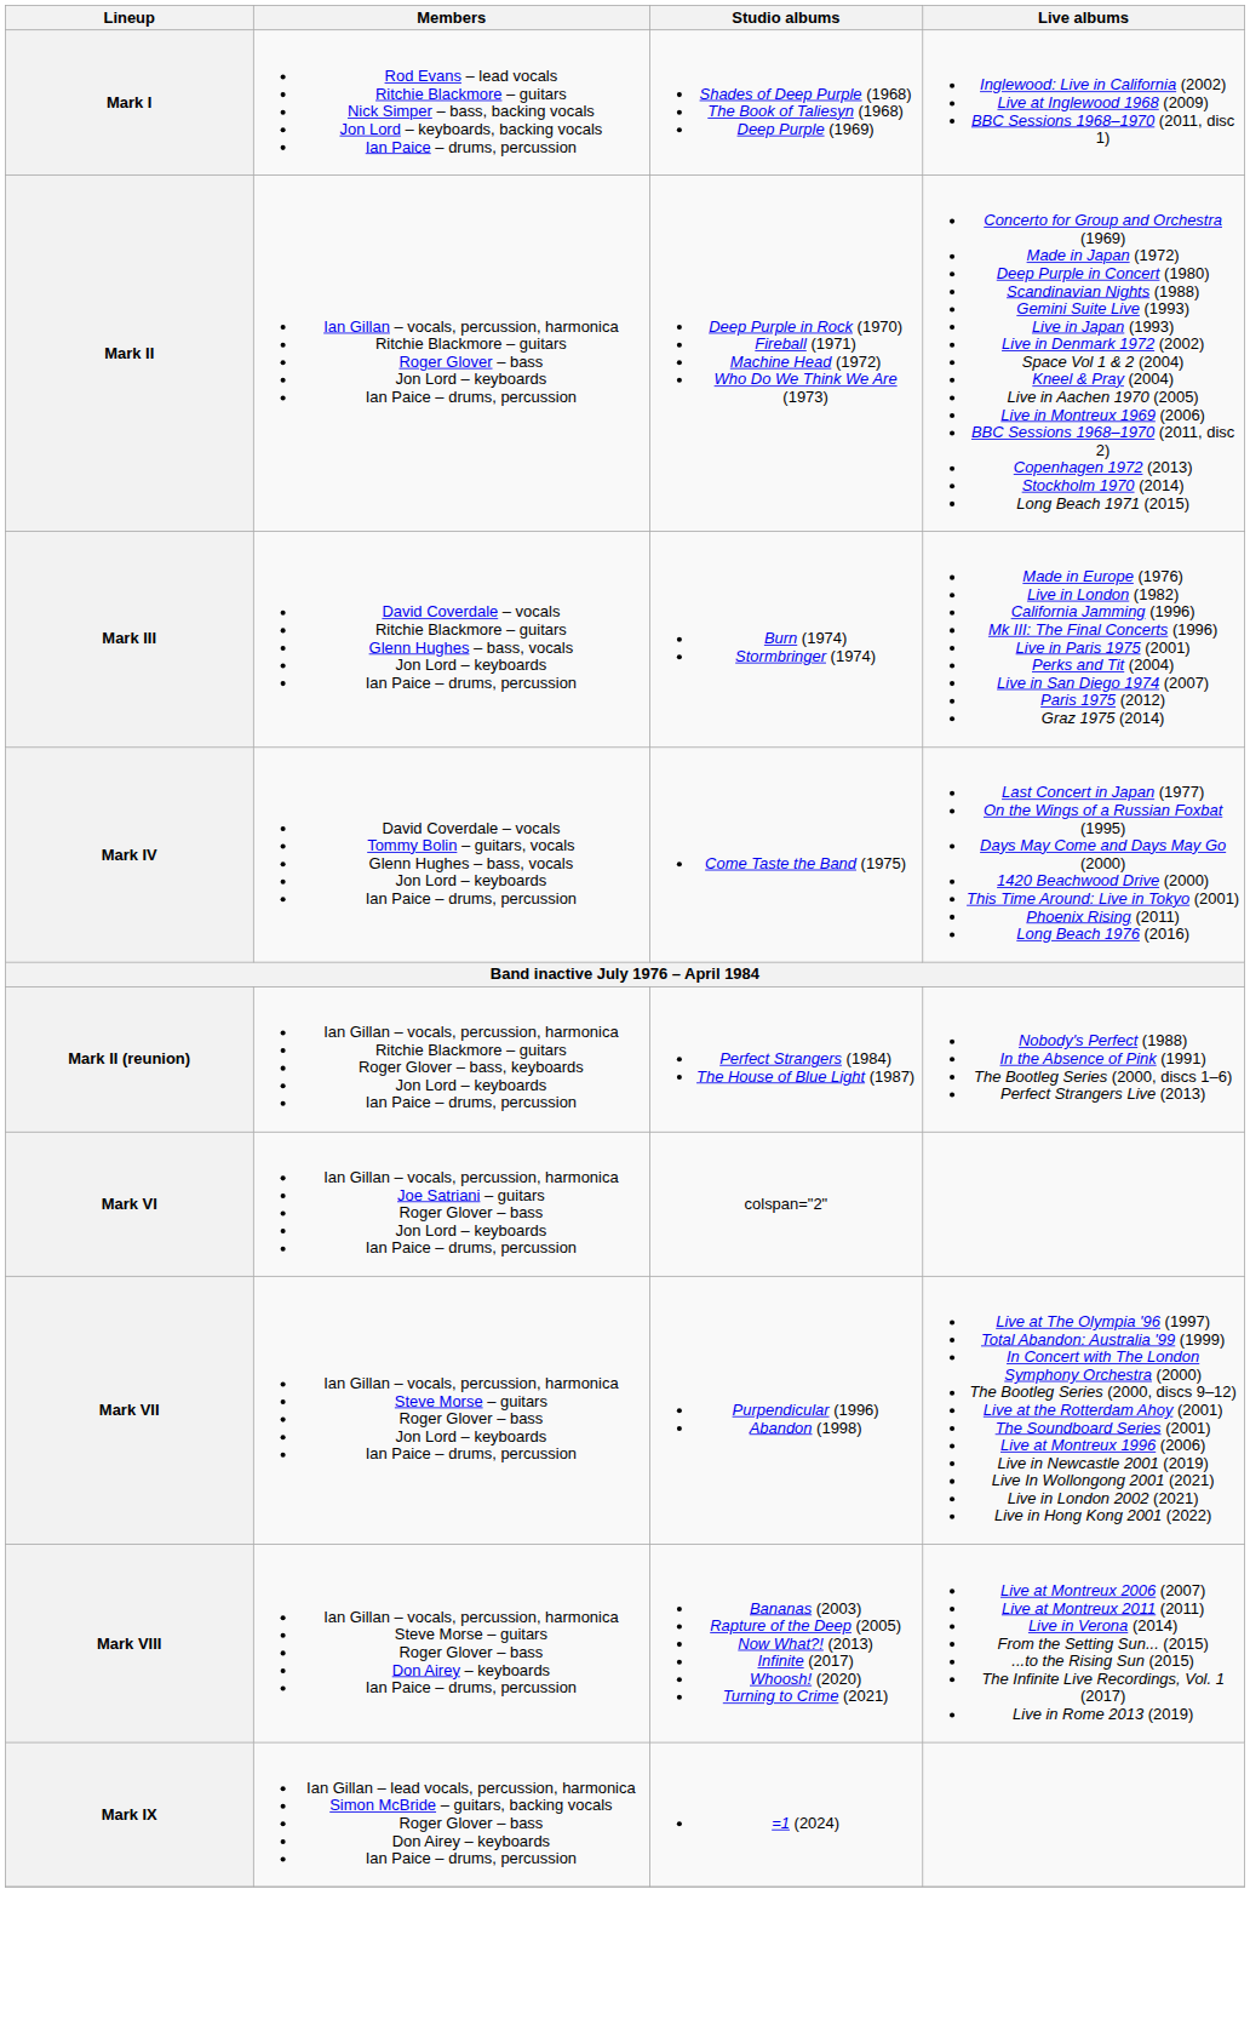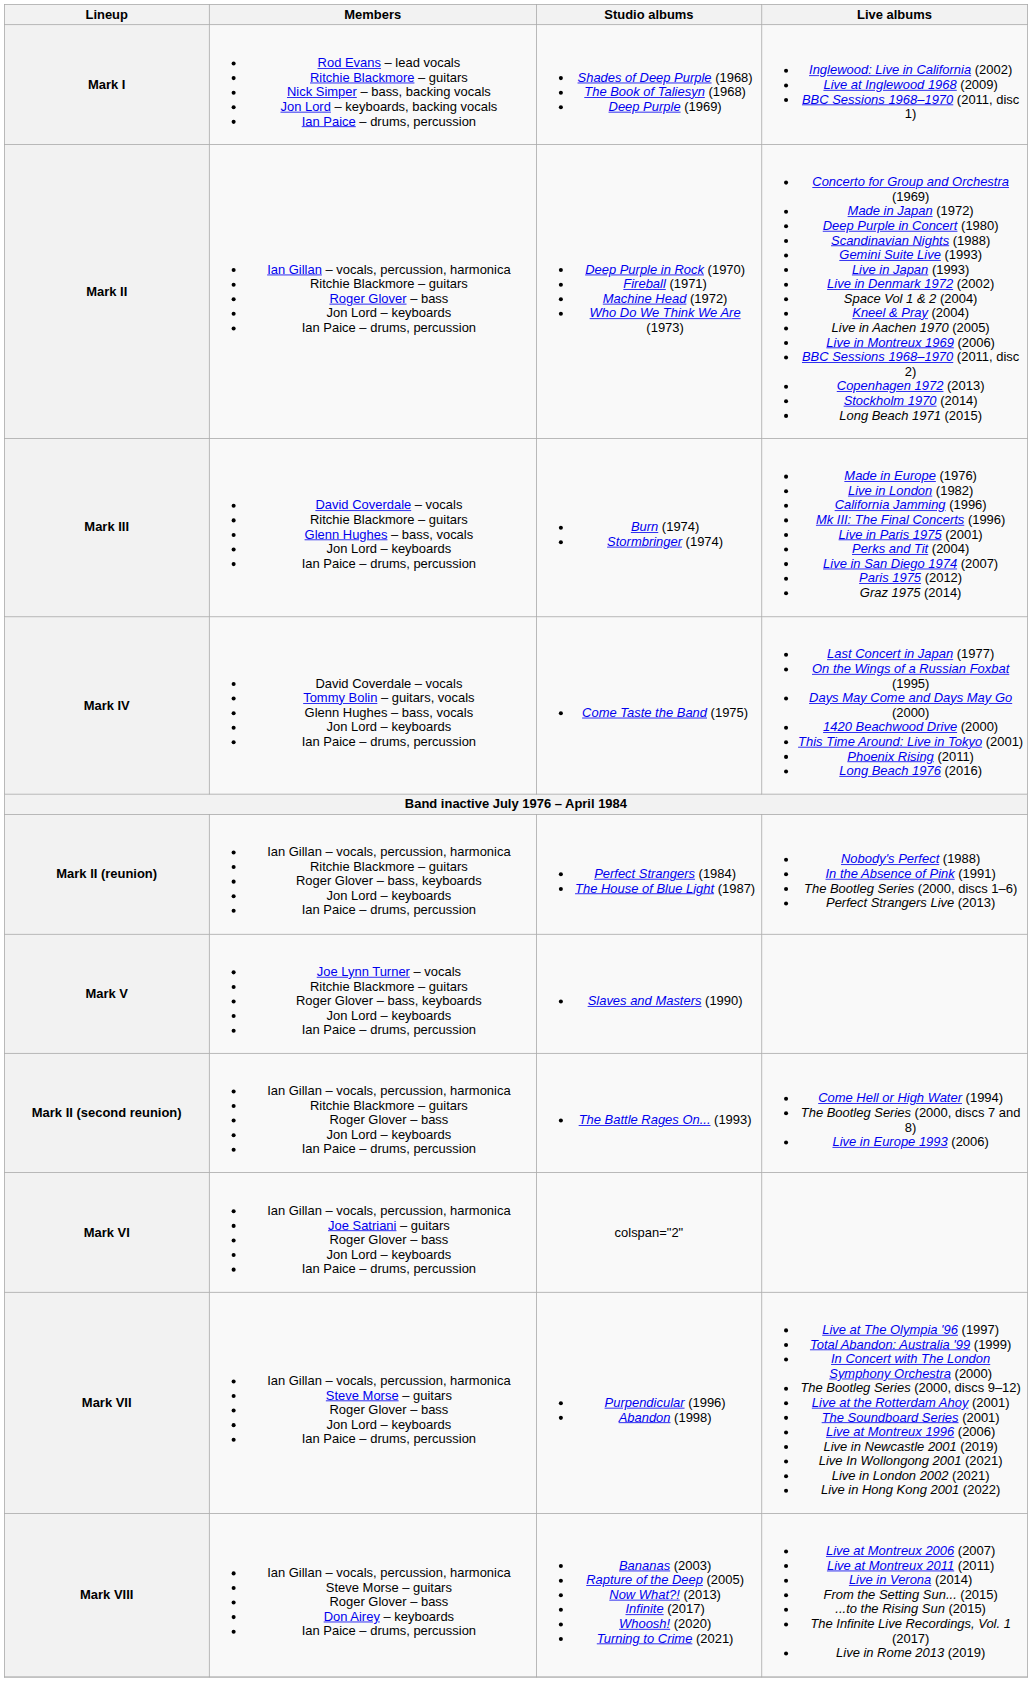 <table class="wikitable plainrowheaders" style="text-align:center; width:100%;">
 <tr>
 <th scope="col" style="width:20%;">Lineup </th>
 <th scope="col" style="width:32%;">Members</th>
 <th scope="col" style="width:22%;">Studio albums</th>
 <th scope="col" style="width:35%;">Live albums</th>
 </tr>
 <tr>
 <th scope="col">Mark I <br></th>
 <td><br><ul><li><a href='#'>Rod Evans</a> – lead vocals</li><li><a href='#'>Ritchie Blackmore</a> – guitars</li><li><a href='#'>Nick Simper</a> – bass, backing vocals</li><li><a href='#'>Jon Lord</a> – keyboards, backing vocals</li><li><a href='#'>Ian Paice</a> – drums, percussion</li></ul></td>
 <td><br><ul><li><em><a href='#'>Shades of Deep Purple</a></em> (1968)</li><li><em><a href='#'>The Book of Taliesyn</a></em> (1968)</li><li><em><a href='#'>Deep Purple</a></em> (1969)</li></ul></td>
 <td><br><ul><li><em><a href='#'>Inglewood: Live in California</a></em> (2002)</li><li><em><a href='#'>Live at Inglewood 1968</a></em> (2009)</li><li><em><a href='#'>BBC Sessions 1968–1970</a></em> (2011, disc 1)</li></ul></td>
 </tr>
 <tr>
 <th scope="col">Mark II<br></th>
 <td><br><ul><li><a href='#'>Ian Gillan</a> – vocals, percussion, harmonica</li><li>Ritchie Blackmore – guitars</li><li><a href='#'>Roger Glover</a> – bass</li><li>Jon Lord – keyboards</li><li>Ian Paice – drums, percussion</li></ul></td>
 <td><br><ul><li><em><a href='#'>Deep Purple in Rock</a></em> (1970)</li><li><em><a href='#'>Fireball</a></em> (1971)</li><li><em><a href='#'>Machine Head</a></em> (1972)</li><li><em><a href='#'>Who Do We Think We Are</a></em> (1973)</li></ul></td>
 <td><br><ul><li><em><a href='#'>Concerto for Group and Orchestra</a></em> (1969)</li><li><em><a href='#'>Made in Japan</a></em> (1972)</li><li><em><a href='#'>Deep Purple in Concert</a></em> (1980)</li><li><em><a href='#'>Scandinavian Nights</a></em> (1988)</li><li><em><a href='#'>Gemini Suite Live</a></em> (1993)</li><li><em><a href='#'>Live in Japan</a></em> (1993)</li><li><em><a href='#'>Live in Denmark 1972</a></em> (2002)</li><li><em>Space Vol 1 & 2</em> (2004)</li><li><em><a href='#'>Kneel & Pray</a></em> (2004)</li><li><em>Live in Aachen 1970</em> (2005)</li><li><em><a href='#'>Live in Montreux 1969</a></em> (2006)</li><li><em><a href='#'>BBC Sessions 1968–1970</a></em> (2011, disc 2)</li><li><em><a href='#'>Copenhagen 1972</a></em> (2013)</li><li><em><a href='#'>Stockholm 1970</a></em> (2014)</li><li><em>Long Beach 1971</em> (2015)</li></ul></td>
 </tr>
 <tr>
 <th scope="col">Mark III<br></th>
 <td><br><ul><li><a href='#'>David Coverdale</a> – vocals</li><li>Ritchie Blackmore – guitars</li><li><a href='#'>Glenn Hughes</a> – bass, vocals</li><li>Jon Lord – keyboards</li><li>Ian Paice – drums, percussion</li></ul></td>
 <td><br><ul><li><em><a href='#'>Burn</a></em> (1974)</li><li><em><a href='#'>Stormbringer</a></em> (1974)</li></ul></td>
 <td><br><ul><li><em><a href='#'>Made in Europe</a></em> (1976)</li><li><em><a href='#'>Live in London</a></em> (1982)</li><li><em><a href='#'>California Jamming</a></em> (1996)</li><li><em><a href='#'>Mk III: The Final Concerts</a></em> (1996)</li><li><em><a href='#'>Live in Paris 1975</a></em> (2001)</li><li><em><a href='#'>Perks and Tit</a></em> (2004)</li><li><em><a href='#'>Live in San Diego 1974</a></em> (2007)</li><li><em><a href='#'>Paris 1975</a></em> (2012)</li><li><em>Graz 1975</em> (2014)</li></ul></td>
 </tr>
 <tr>
 <th scope="col">Mark IV<br></th>
 <td><br><ul><li>David Coverdale – vocals</li><li><a href='#'>Tommy Bolin</a> – guitars, vocals</li><li>Glenn Hughes – bass, vocals</li><li>Jon Lord – keyboards</li><li>Ian Paice – drums, percussion</li></ul></td>
 <td><br><ul><li><em><a href='#'>Come Taste the Band</a></em> (1975)</li></ul></td>
 <td><br><ul><li><em><a href='#'>Last Concert in Japan</a></em> (1977)</li><li><em><a href='#'>On the Wings of a Russian Foxbat</a></em> (1995)</li><li><em><a href='#'>Days May Come and Days May Go</a></em> (2000)</li><li><em><a href='#'>1420 Beachwood Drive</a></em> (2000)</li><li><em><a href='#'>This Time Around: Live in Tokyo</a></em> (2001)</li><li><em><a href='#'>Phoenix Rising</a></em> (2011)</li><li><em><a href='#'>Long Beach 1976</a></em> (2016)</li></ul></td>
 </tr>
 <tr>
 <th scope="col" colspan="4">Band inactive July 1976 – April 1984</th>
 </tr>
 <tr>
 <th scope="col">Mark II (reunion)<br></th>
 <td><br><ul><li>Ian Gillan – vocals, percussion, harmonica</li><li>Ritchie Blackmore – guitars</li><li>Roger Glover – bass, keyboards</li><li>Jon Lord – keyboards</li><li>Ian Paice – drums, percussion</li></ul></td>
 <td><br><ul><li><em><a href='#'>Perfect Strangers</a></em> (1984)</li><li><em><a href='#'>The House of Blue Light</a></em> (1987)</li></ul></td>
 <td><br><ul><li><em><a href='#'>Nobody's Perfect</a></em> (1988)</li><li><em><a href='#'>In the Absence of Pink</a></em> (1991)</li><li><em>The Bootleg Series</em> (2000, discs 1–6)</li><li><em>Perfect Strangers Live</em> (2013)</li></ul></td>
 </tr>
 <tr>
+<th scope="col">Mark V<br></th>
+<td><br><ul><li><a href='#'>Joe Lynn Turner</a> – vocals</li><li>Ritchie Blackmore – guitars</li><li>Roger Glover – bass, keyboards</li><li>Jon Lord – keyboards</li><li>Ian Paice – drums, percussion</li></ul></td>
+<td><br><ul><li><em><a href='#'>Slaves and Masters</a></em> (1990)</li></ul></td>
+<td></td>
+</tr>
+<tr>
+<th scope="col">Mark II (second reunion)<br></th>
+<td><br><ul><li>Ian Gillan – vocals, percussion, harmonica</li><li>Ritchie Blackmore – guitars</li><li>Roger Glover – bass</li><li>Jon Lord – keyboards</li><li>Ian Paice – drums, percussion</li></ul></td>
+<td><br><ul><li><em><a href='#'>The Battle Rages On...</a></em> (1993)</li></ul></td>
+<td><br><ul><li><em><a href='#'>Come Hell or High Water</a></em> (1994)</li><li><em>The Bootleg Series</em> (2000, discs 7 and 8)</li><li><em><a href='#'>Live in Europe 1993</a></em> (2006)</li></ul></td>
+</tr>
+<tr>
 <th scope="col">Mark VI<br></th>
 <td><br><ul><li>Ian Gillan – vocals, percussion, harmonica</li><li><a href='#'>Joe Satriani</a> – guitars</li><li>Roger Glover – bass</li><li>Jon Lord – keyboards</li><li>Ian Paice – drums, percussion</li></ul></td>
 <td>colspan="2" </td>
 </tr>
 <tr>
 <th scope="col">Mark VII<br></th>
 <td><br><ul><li>Ian Gillan – vocals, percussion, harmonica</li><li><a href='#'>Steve Morse</a> – guitars</li><li>Roger Glover – bass</li><li>Jon Lord – keyboards</li><li>Ian Paice – drums, percussion</li></ul></td>
 <td><br><ul><li><em><a href='#'>Purpendicular</a></em> (1996)</li><li><em><a href='#'>Abandon</a></em> (1998)</li></ul></td>
 <td><br><ul><li><em><a href='#'>Live at The Olympia '96</a></em> (1997)</li><li><em><a href='#'>Total Abandon: Australia '99</a></em> (1999)</li><li><em><a href='#'>In Concert with The London<br>Symphony Orchestra</a></em> (2000)</li><li><em>The Bootleg Series</em> (2000, discs 9–12)</li><li><em><a href='#'>Live at the Rotterdam Ahoy</a></em> (2001)</li><li><em><a href='#'>The Soundboard Series</a></em> (2001)</li><li><em><a href='#'>Live at Montreux 1996</a></em> (2006)</li><li><em>Live in Newcastle 2001</em> (2019)</li><li><em>Live In Wollongong 2001</em> (2021)</li><li><em>Live in London 2002</em> (2021)</li><li><em>Live in Hong Kong 2001</em> (2022)</li></ul></td>
 </tr>
 <tr>
 <th scope="col">Mark VIII<br></th>
 <td><br><ul><li>Ian Gillan – vocals, percussion, harmonica</li><li>Steve Morse – guitars</li><li>Roger Glover – bass</li><li><a href='#'>Don Airey</a> – keyboards</li><li>Ian Paice – drums, percussion</li></ul></td>
 <td><br><ul><li><em><a href='#'>Bananas</a></em> (2003)</li><li><em><a href='#'>Rapture of the Deep</a></em> (2005)</li><li><em><a href='#'>Now What?!</a></em> (2013)</li><li><em><a href='#'>Infinite</a></em> (2017)</li><li><em><a href='#'>Whoosh!</a></em> (2020)</li><li><em><a href='#'>Turning to Crime</a></em> (2021)</li></ul></td>
 <td><br><ul><li><em><a href='#'>Live at Montreux 2006</a></em> (2007)</li><li><em><a href='#'>Live at Montreux 2011</a></em> (2011)</li><li><em><a href='#'>Live in Verona</a></em> (2014)</li><li><em>From the Setting Sun...</em> (2015)</li><li><em>...to the Rising Sun</em> (2015)</li><li><em>The Infinite Live Recordings, Vol. 1</em> (2017)</li><li><em>Live in Rome 2013</em> (2019)</li></ul></td>
 </tr>
 <tr>
-<th>Mark IX<br></th>
-<td><br><ul><li>Ian Gillan – lead vocals, percussion, harmonica</li><li><a href='#'>Simon McBride</a> – guitars, backing vocals</li><li>Roger Glover – bass</li><li>Don Airey – keyboards</li><li>Ian Paice – drums, percussion</li></ul></td>
-<td><br><ul><li><em><a href='#'>=1</a></em> (2024)</li></ul></td>
-<td></td>
-</tr>
-<tr>
 </tr>
 </table>
